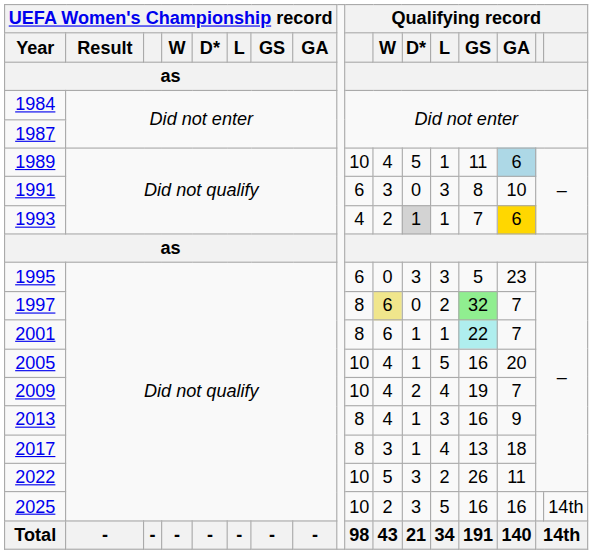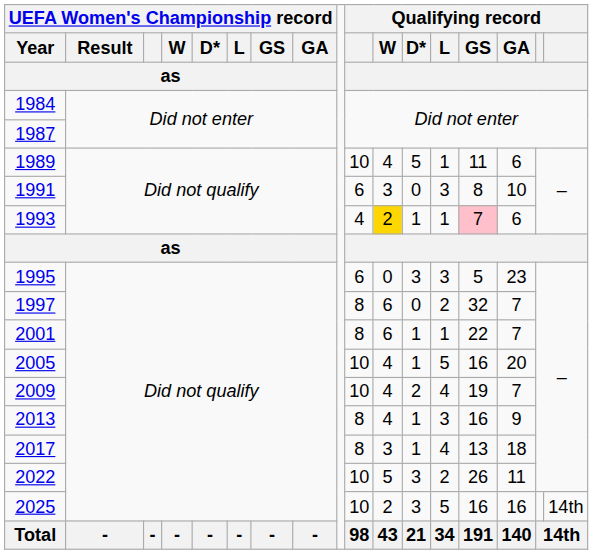 <table class="wikitable" style="text-align: center;">
 <tr>
 <th colspan=8><a href='#'>UEFA Women's Championship</a> record</th>
 <td rowspan=19></td>
 <th colspan=9>Qualifying record</th>
 </tr>
 <tr>
 <th>Year</th>
 <th>Result</th>
 <th></th>
 <th>W</th>
 <th>D*</th>
 <th>L</th>
 <th>GS</th>
 <th>GA<br></th>
 <th></th>
 <th>W</th>
 <th>D*</th>
 <th>L</th>
 <th>GS</th>
 <th>GA</th>
 <th></th>
 <th></th>
 </tr>
 <tr>
 <th colspan=8>as </th>
 <th colspan=8></th>
 </tr>
 <tr>
 <td> <a href='#'>1984</a></td>
 <td colspan=7 rowspan=2><em>Did not enter</em></td>
 <td colspan=8 rowspan=2><em>Did not enter</em></td>
 </tr>
 <tr>
 <td> <a href='#'>1987</a></td>
 </tr>
 <tr>
 <td> <a href='#'>1989</a></td>
 <td colspan=7 rowspan=3><em>Did not qualify</em></td>
 <td>10</td>
 <td>4</td>
 <td>5</td>
 <td>1</td>
 <td>11</td>
-<td style="background: lightblue;">6</td>
+<td>6</td>
 <td colspan=2 rowspan=3>–</td>
 </tr>
 <tr>
 <td> <a href='#'>1991</a></td>
 <td>6</td>
 <td>3</td>
 <td>0</td>
 <td>3</td>
 <td>8</td>
 <td>10</td>
 </tr>
 <tr>
 <td> <a href='#'>1993</a></td>
 <td>4</td>
-<td>2</td>
-<td style="background: lightgrey;">1</td>
+<td style="background: gold;">2</td>
 <td>1</td>
-<td>7</td>
-<td style="background: gold;">6</td>
+<td>1</td>
+<td style="background: pink;">7</td>
+<td>6</td>
 </tr>
 <tr>
 <th colspan=8>as </th>
 <th colspan=8></th>
 </tr>
 <tr>
 <td> <a href='#'>1995</a></td>
 <td colspan=7 rowspan=9><em>Did not qualify</em></td>
 <td>6</td>
 <td>0</td>
 <td>3</td>
 <td>3</td>
 <td>5</td>
 <td>23</td>
 <td colspan=2 rowspan=8>–</td>
 </tr>
 <tr>
 <td> <a href='#'>1997</a></td>
 <td>8</td>
-<td style="background: khaki;">6</td>
+<td>6</td>
 <td>0</td>
 <td>2</td>
-<td style="background: lightgreen;">32</td>
+<td>32</td>
 <td>7</td>
 </tr>
 <tr>
 <td> <a href='#'>2001</a></td>
 <td>8</td>
 <td>6</td>
 <td>1</td>
 <td>1</td>
-<td style="background: paleturquoise;">22</td>
+<td>22</td>
 <td>7</td>
 </tr>
 <tr>
 <td> <a href='#'>2005</a></td>
 <td>10</td>
 <td>4</td>
 <td>1</td>
 <td>5</td>
 <td>16</td>
 <td>20</td>
 </tr>
 <tr>
 <td> <a href='#'>2009</a></td>
 <td>10</td>
 <td>4</td>
 <td>2</td>
 <td>4</td>
 <td>19</td>
 <td>7</td>
 </tr>
 <tr>
 <td> <a href='#'>2013</a></td>
 <td>8</td>
 <td>4</td>
 <td>1</td>
 <td>3</td>
 <td>16</td>
 <td>9</td>
 </tr>
 <tr>
 <td> <a href='#'>2017</a></td>
 <td>8</td>
 <td>3</td>
 <td>1</td>
 <td>4</td>
 <td>13</td>
 <td>18</td>
 </tr>
 <tr>
 <td> <a href='#'>2022</a></td>
 <td>10</td>
 <td>5</td>
 <td>3</td>
 <td>2</td>
 <td>26</td>
 <td>11</td>
 </tr>
 <tr>
 <td> <a href='#'>2025</a></td>
 <td>10</td>
 <td>2</td>
 <td>3</td>
 <td>5</td>
 <td>16</td>
 <td>16</td>
 <td></td>
 <td>14th</td>
 </tr>
 <tr>
 <th>Total</th>
 <th>-</th>
 <th>-</th>
 <th>-</th>
 <th>-</th>
 <th>-</th>
 <th>-</th>
 <th>-</th>
 <th>98</th>
 <th>43</th>
 <th>21</th>
 <th>34</th>
 <th>191</th>
 <th>140</th>
 <th colspan=2>14th</th>
 </tr>
 </table>
